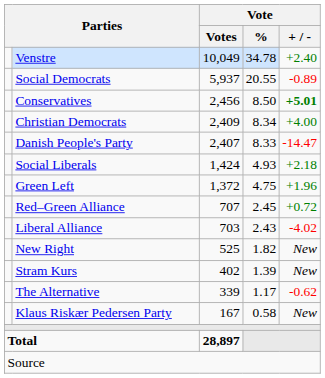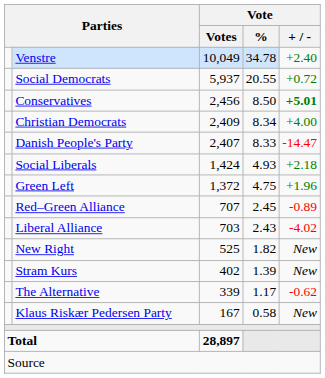 <table class="wikitable" style="text-align:right;">
 <tr>
 <th style="text-align:centre;" rowspan="2" colspan="2" width="225">Parties</th>
 <th colspan="3">Vote</th>
 </tr>
 <tr>
 <th width="15">Votes</th>
 <th width="15">%</th>
 <th width="15">+ / -</th>
 </tr>
 <tr>
 <td width="2" style="color:inherit;background:"></td>
 <td bgcolor=#cfe5fe  align="left"><a href='#'>Venstre</a></td>
 <td bgcolor=#cfe5fe>10,049</td>
 <td bgcolor=#cfe5fe>34.78</td>
 <td style=color:green;>+2.40</td>
 </tr>
 <tr>
 <td width="2" style="color:inherit;background:"></td>
 <td align="left"><a href='#'>Social Democrats</a></td>
 <td>5,937</td>
 <td>20.55</td>
-<td style=color:red;>-0.89</td>
+<td style=color:green;>+0.72</td>
 </tr>
 <tr>
 <td width="2" style="color:inherit;background:"></td>
 <td align="left"><a href='#'>Conservatives</a></td>
 <td>2,456</td>
 <td>8.50</td>
 <td style=color:green;><strong>+5.01</strong></td>
 </tr>
 <tr>
 <td width="2" style="color:inherit;background:"></td>
 <td align="left"><a href='#'>Christian Democrats</a></td>
 <td>2,409</td>
 <td>8.34</td>
 <td style=color:green;>+4.00</td>
 </tr>
 <tr>
 <td width="2" style="color:inherit;background:"></td>
 <td align="left"><a href='#'>Danish People's Party</a></td>
 <td>2,407</td>
 <td>8.33</td>
 <td style=color:red;>-14.47</td>
 </tr>
 <tr>
 <td width="2" style="color:inherit;background:"></td>
 <td align="left"><a href='#'>Social Liberals</a></td>
 <td>1,424</td>
 <td>4.93</td>
 <td style=color:green;>+2.18</td>
 </tr>
 <tr>
 <td width="2" style="color:inherit;background:"></td>
 <td align="left"><a href='#'>Green Left</a></td>
 <td>1,372</td>
 <td>4.75</td>
 <td style=color:green;>+1.96</td>
 </tr>
 <tr>
 <td width="2" style="color:inherit;background:"></td>
 <td align="left"><a href='#'>Red–Green Alliance</a></td>
 <td>707</td>
 <td>2.45</td>
-<td style=color:green;>+0.72</td>
+<td style=color:red;>-0.89</td>
 </tr>
 <tr>
 <td width="2" style="color:inherit;background:"></td>
 <td align="left"><a href='#'>Liberal Alliance</a></td>
 <td>703</td>
 <td>2.43</td>
 <td style=color:red;>-4.02</td>
 </tr>
 <tr>
 <td width="2" style="color:inherit;background:"></td>
 <td align="left"><a href='#'>New Right</a></td>
 <td>525</td>
 <td>1.82</td>
 <td><em>New</em></td>
 </tr>
 <tr>
 <td width="2" style="color:inherit;background:"></td>
 <td align="left"><a href='#'>Stram Kurs</a></td>
 <td>402</td>
 <td>1.39</td>
 <td><em>New</em></td>
 </tr>
 <tr>
 <td width="2" style="color:inherit;background:"></td>
 <td align="left"><a href='#'>The Alternative</a></td>
 <td>339</td>
 <td>1.17</td>
 <td style=color:red;>-0.62</td>
 </tr>
 <tr>
 <td width="2" style="color:inherit;background:"></td>
 <td align="left"><a href='#'>Klaus Riskær Pedersen Party</a></td>
 <td>167</td>
 <td>0.58</td>
 <td><em>New</em></td>
 </tr>
 <tr>
 <td colspan="7" bgcolor="#E9E9E9"></td>
 </tr>
 <tr>
 <td align="left" colspan="2"><strong>Total</strong></td>
 <td><strong>28,897</strong></td>
 <td bgcolor="#E9E9E9" colspan="2"></td>
 </tr>
 <tr>
 <td align="left" colspan="6">Source</td>
 </tr>
 </table>
